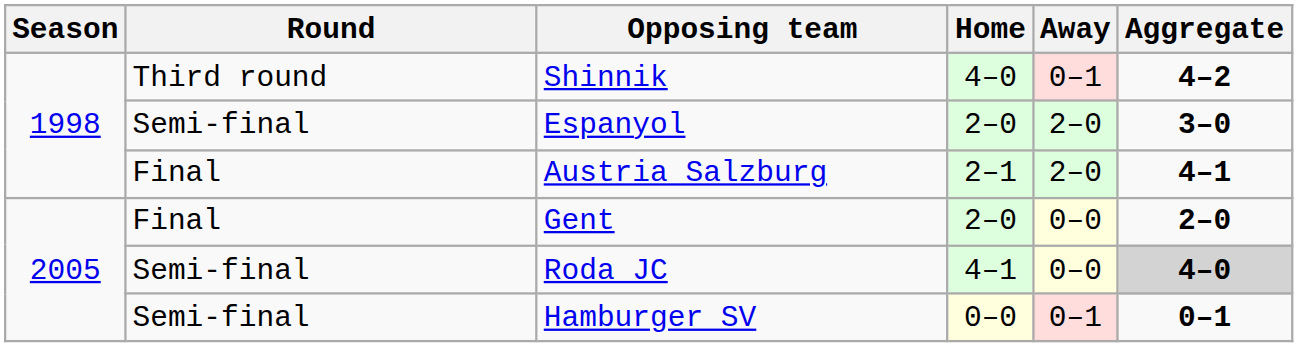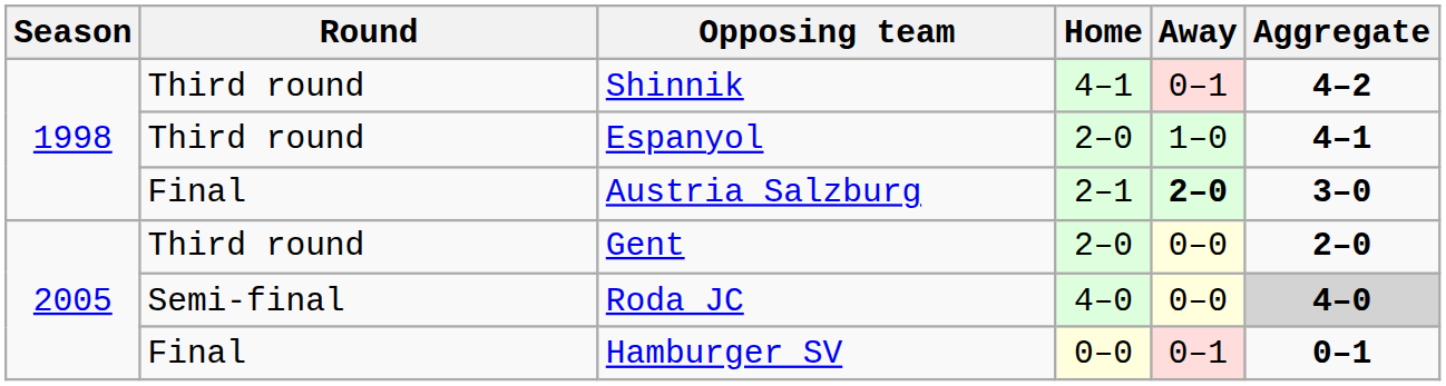 <table class="wikitable">
 <tr>
 <th>Season</th>
 <th width=175>Round</th>
 <th width=175>Opposing team</th>
 <th>Home</th>
 <th>Away</th>
 <th>Aggregate</th>
 </tr>
 <tr>
 <td rowspan="3" align=center><a href='#'>1998</a></td>
 <td>Third round</td>
 <td> <a href='#'>Shinnik</a></td>
-<td style="text-align:center; background:#dfd;">4–0</td>
+<td style="text-align:center; background:#dfd;">4–1</td>
 <td style="text-align:center; background:#fdd;">0–1</td>
 <td style="text-align:center;"><strong>4–2</strong></td>
 </tr>
 <tr>
-<td>Semi-final</td>
+<td>Third round</td>
 <td> <a href='#'>Espanyol</a></td>
 <td style="text-align:center; background:#dfd;">2–0</td>
-<td style="text-align:center; background:#dfd;">2–0</td>
-<td style="text-align:center;"><strong>3–0</strong></td>
+<td style="text-align:center; background:#dfd;">1–0</td>
+<td style="text-align:center;"><strong>4–1</strong></td>
 </tr>
 <tr>
 <td>Final</td>
 <td> <a href='#'>Austria Salzburg</a></td>
 <td style="text-align:center; background:#dfd;">2–1</td>
-<td style="text-align:center; background:#dfd;">2–0</td>
-<td style="text-align:center;"><strong>4–1</strong></td>
+<td style="text-align:center; background:#dfd;"><strong>2–0</strong></td>
+<td style="text-align:center;"><strong>3–0</strong></td>
 </tr>
 <tr>
 <td rowspan="3" align=center><a href='#'>2005</a></td>
-<td>Final</td>
+<td>Third round</td>
 <td> <a href='#'>Gent</a></td>
 <td style="text-align:center; background:#dfd;">2–0</td>
 <td style="text-align:center; background:#ffd;">0–0</td>
 <td style="text-align:center;"><strong>2–0</strong></td>
 </tr>
 <tr>
 <td>Semi-final</td>
 <td> <a href='#'>Roda JC</a></td>
-<td style="text-align:center; background:#dfd;">4–1</td>
+<td style="text-align:center; background:#dfd;">4–0</td>
 <td style="text-align:center; background:#ffd;">0–0</td>
 <td style="background: lightgrey; text-align:center;"><strong>4–0</strong></td>
 </tr>
 <tr>
-<td>Semi-final</td>
+<td>Final</td>
 <td> <a href='#'>Hamburger SV</a></td>
 <td style="text-align:center; background:#ffd;">0–0</td>
 <td style="text-align:center; background:#fdd;">0–1</td>
 <td style="text-align:center;"><strong>0–1</strong></td>
 </tr>
 </table>
